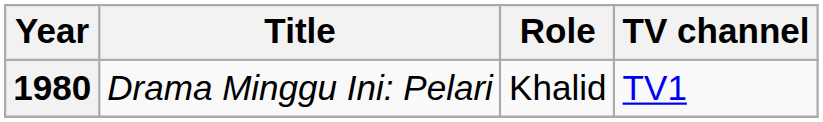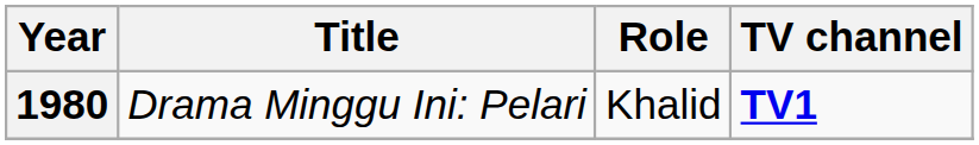 <table class="wikitable">
 <tr>
 <th>Year</th>
 <th>Title</th>
 <th>Role</th>
 <th>TV channel</th>
 </tr>
 <tr>
 <th>1980</th>
 <td><em>Drama Minggu Ini: Pelari</em></td>
 <td>Khalid</td>
-<td><a href='#'>TV1</a></td>
+<td><strong><a href='#'>TV1</a></strong></td>
 </tr>
 <tr>
 </tr>
 </table>
